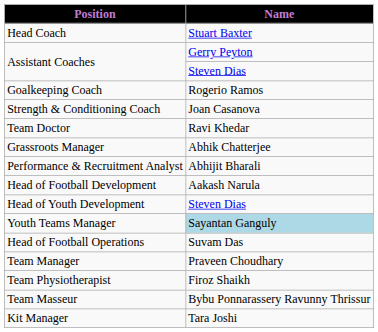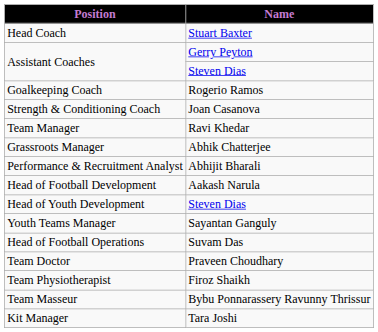 <table class="wikitable">
 <tr>
 <th style="background:#000000; color:#C47CD2;">Position</th>
 <th style="background:#000000; color:#C47CD2;">Name</th>
 </tr>
 <tr>
 <td>Head Coach</td>
 <td> <a href='#'>Stuart Baxter</a></td>
 </tr>
 <tr>
 <td rowspan="2">Assistant Coaches</td>
 <td> <a href='#'>Gerry Peyton</a></td>
 </tr>
 <tr>
 <td> <a href='#'>Steven Dias</a></td>
 </tr>
 <tr>
 <td>Goalkeeping Coach</td>
 <td> Rogerio Ramos</td>
 </tr>
 <tr>
 <td>Strength & Conditioning Coach</td>
 <td> Joan Casanova</td>
 </tr>
 <tr>
-<td>Team Doctor</td>
+<td>Team Manager</td>
 <td> Ravi Khedar</td>
 </tr>
 <tr>
 <td>Grassroots Manager</td>
 <td> Abhik Chatterjee</td>
 </tr>
 <tr>
 <td>Performance & Recruitment Analyst</td>
 <td> Abhijit Bharali</td>
 </tr>
 <tr>
 <td>Head of Football Development</td>
 <td> Aakash Narula</td>
 </tr>
 <tr>
 <td>Head of Youth Development</td>
 <td> <a href='#'>Steven Dias</a></td>
 </tr>
 <tr>
 <td>Youth Teams Manager</td>
-<td style="background: lightblue;"> Sayantan Ganguly</td>
+<td> Sayantan Ganguly</td>
 </tr>
 <tr>
 <td>Head of Football Operations</td>
 <td> Suvam Das</td>
 </tr>
 <tr>
-<td>Team Manager</td>
+<td>Team Doctor</td>
 <td> Praveen Choudhary</td>
 </tr>
 <tr>
 <td>Team Physiotherapist</td>
 <td> Firoz Shaikh</td>
 </tr>
 <tr>
 <td>Team Masseur</td>
 <td> Bybu Ponnarassery Ravunny Thrissur</td>
 </tr>
 <tr>
 <td>Kit Manager</td>
 <td> Tara Joshi</td>
 </tr>
 </table>
